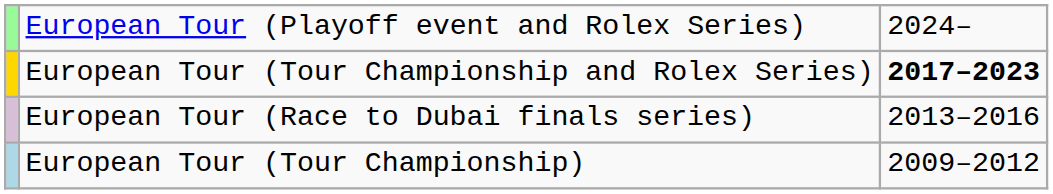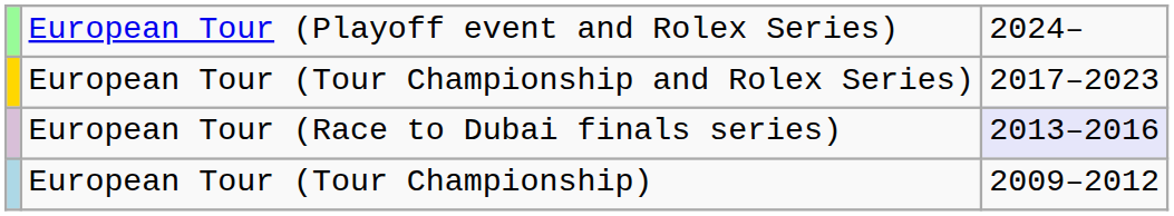 <table class="wikitable" style="font-size:95%">
 <tr>
 <td style="background:palegreen"></td>
 <td><a href='#'>European Tour</a> (Playoff event and Rolex Series)</td>
 <td>2024–</td>
 </tr>
 <tr>
 <td style="background:gold"></td>
 <td>European Tour (Tour Championship and Rolex Series)</td>
-<td><strong>2017–2023</strong></td>
+<td>2017–2023</td>
 </tr>
 <tr>
 <td style="background:thistle"></td>
 <td>European Tour (Race to Dubai finals series)</td>
-<td>2013–2016</td>
+<td style="background: lavender;">2013–2016</td>
 </tr>
 <tr>
 <td style="background:lightblue"></td>
 <td>European Tour (Tour Championship)</td>
 <td>2009–2012</td>
 </tr>
 </table>
